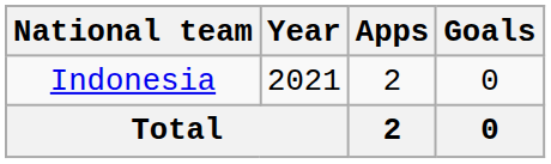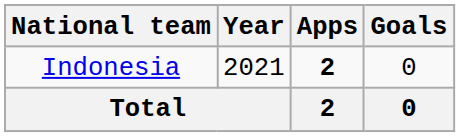 <table class=wikitable style=text-align:center>
 <tr>
 <th>National team</th>
 <th>Year</th>
 <th>Apps</th>
 <th>Goals</th>
 </tr>
 <tr>
 <td><a href='#'>Indonesia</a></td>
 <td>2021</td>
-<td>2</td>
+<td><strong>2</strong></td>
 <td>0</td>
 </tr>
 <tr>
 <th colspan=2>Total</th>
 <th>2</th>
 <th>0</th>
 </tr>
 </table>
